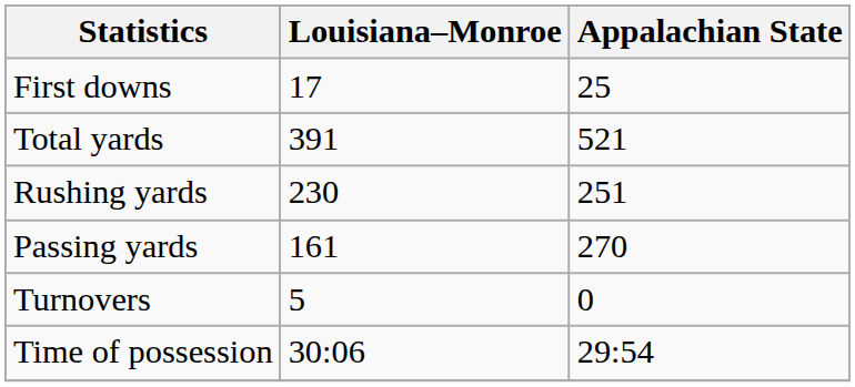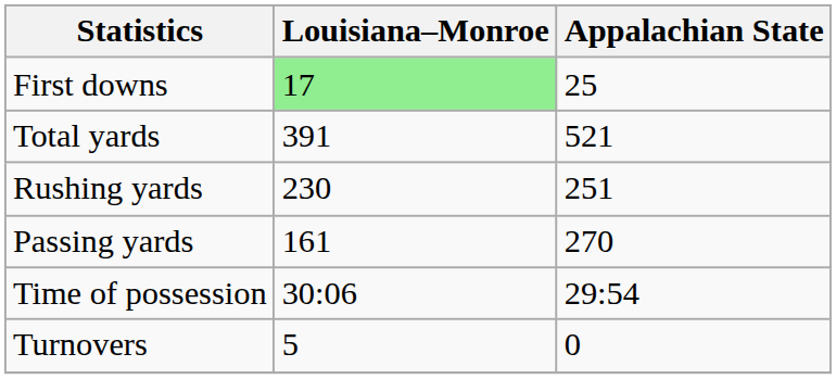 <table class="wikitable">
 <tr>
 <th>Statistics</th>
 <th>Louisiana–Monroe</th>
 <th>Appalachian State</th>
 </tr>
 <tr>
 <td>First downs</td>
-<td>17</td>
+<td style="background: lightgreen;">17</td>
 <td>25</td>
 </tr>
 <tr>
 <td>Total yards</td>
 <td>391</td>
 <td>521</td>
 </tr>
 <tr>
 <td>Rushing yards</td>
 <td>230</td>
 <td>251</td>
 </tr>
 <tr>
 <td>Passing yards</td>
 <td>161</td>
 <td>270</td>
 </tr>
 <tr>
+<td>Time of possession</td>
+<td>30:06</td>
+<td>29:54</td>
+</tr>
+<tr>
 <td>Turnovers</td>
 <td>5</td>
 <td>0</td>
 </tr>
 <tr>
-<td>Time of possession</td>
-<td>30:06</td>
-<td>29:54</td>
-</tr>
-<tr>
 </tr>
 </table>
